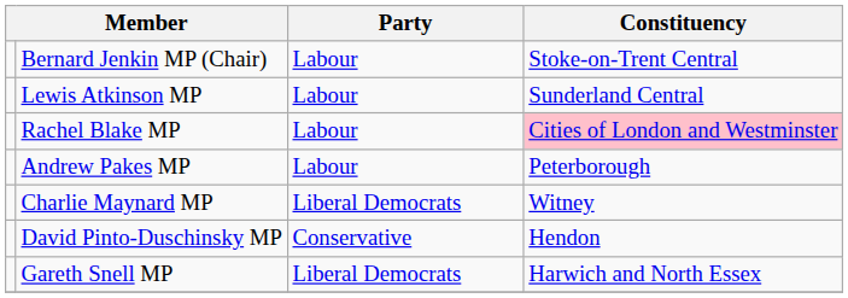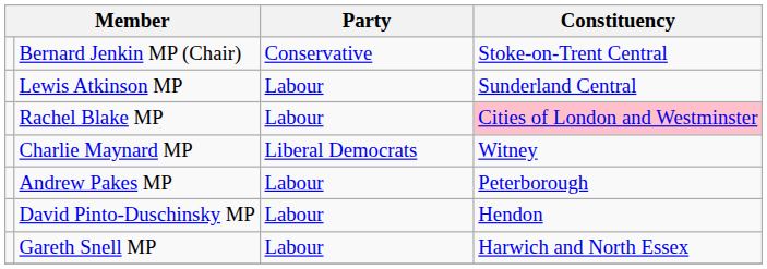 <table class="wikitable">
 <tr>
 <th width="160px" colspan="2" valign="top">Member</th>
 <th width="160px" valign="top">Party</th>
 <th valign="top">Constituency</th>
 </tr>
 <tr>
 <td style="color:inherit;background:"></td>
 <td><a href='#'>Bernard Jenkin</a> MP (Chair)</td>
-<td><a href='#'>Labour</a></td>
+<td><a href='#'>Conservative</a></td>
 <td><a href='#'>Stoke-on-Trent Central</a></td>
 </tr>
 <tr>
 <td style="color:inherit;background:"></td>
 <td><a href='#'>Lewis Atkinson</a> MP</td>
 <td><a href='#'>Labour</a></td>
 <td><a href='#'>Sunderland Central</a></td>
 </tr>
 <tr>
 <td style="color:inherit;background:"></td>
 <td><a href='#'>Rachel Blake</a> MP</td>
 <td><a href='#'>Labour</a></td>
 <td style="background: pink;"><a href='#'>Cities of London and Westminster</a></td>
 </tr>
 <tr>
 <td style="color:inherit;background:"></td>
+<td><a href='#'>Charlie Maynard</a> MP</td>
+<td><a href='#'>Liberal Democrats</a></td>
+<td><a href='#'>Witney</a></td>
+</tr>
+<tr>
+<td style="color:inherit;background:"></td>
 <td><a href='#'>Andrew Pakes</a> MP</td>
 <td><a href='#'>Labour</a></td>
 <td><a href='#'>Peterborough</a></td>
 </tr>
 <tr>
 <td style="color:inherit;background:"></td>
-<td><a href='#'>Charlie Maynard</a> MP</td>
-<td><a href='#'>Liberal Democrats</a></td>
-<td><a href='#'>Witney</a></td>
-</tr>
-<tr>
-<td style="color:inherit;background:"></td>
 <td><a href='#'>David Pinto-Duschinsky</a> MP</td>
-<td><a href='#'>Conservative</a></td>
+<td><a href='#'>Labour</a></td>
 <td><a href='#'>Hendon</a></td>
 </tr>
 <tr>
 <td style="color:inherit;background:"></td>
 <td><a href='#'>Gareth Snell</a> MP</td>
-<td><a href='#'>Liberal Democrats</a></td>
+<td><a href='#'>Labour</a></td>
 <td><a href='#'>Harwich and North Essex</a></td>
 </tr>
 <tr>
 </tr>
 </table>
